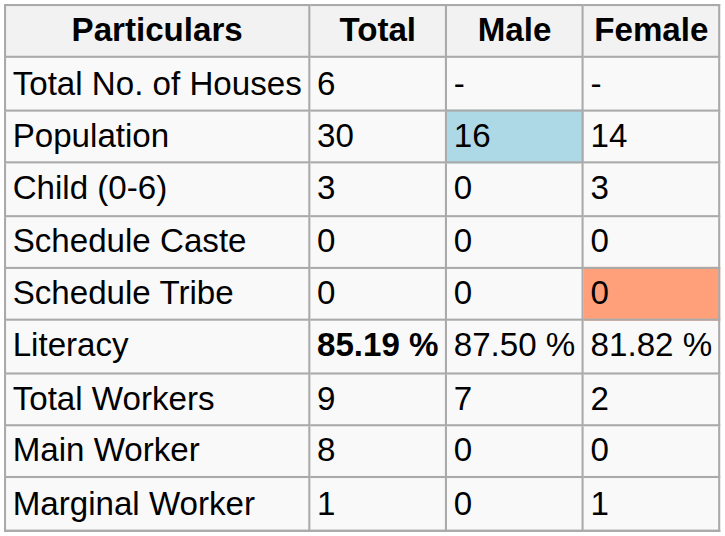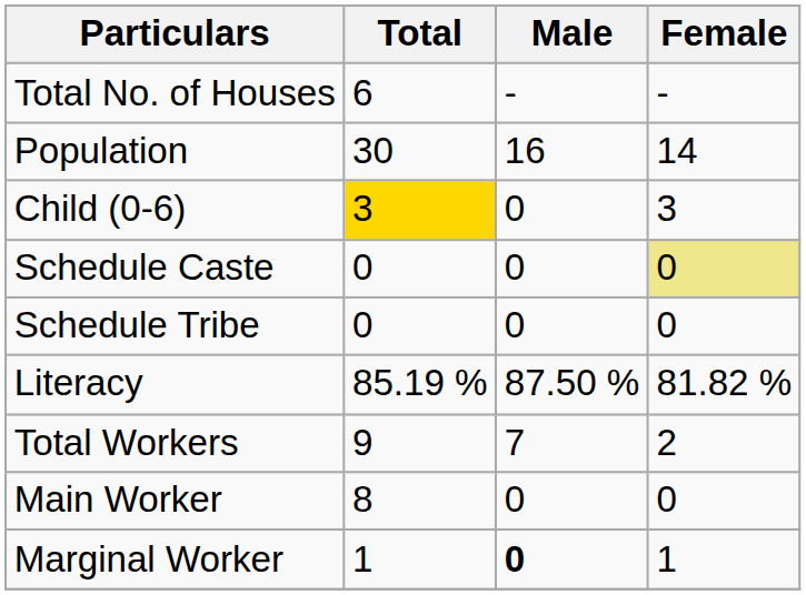 <table class="wikitable sortable">
 <tr>
 <th>Particulars</th>
 <th>Total</th>
 <th>Male</th>
 <th>Female</th>
 </tr>
 <tr>
 <td>Total No. of Houses</td>
 <td>6</td>
 <td>-</td>
 <td>-</td>
 </tr>
 <tr>
 <td>Population</td>
 <td>30</td>
-<td style="background: lightblue;">16</td>
+<td>16</td>
 <td>14</td>
 </tr>
 <tr>
 <td>Child (0-6)</td>
-<td>3</td>
+<td style="background: gold;">3</td>
 <td>0</td>
 <td>3</td>
 </tr>
 <tr>
 <td>Schedule Caste</td>
 <td>0</td>
 <td>0</td>
-<td>0</td>
+<td style="background: khaki;">0</td>
 </tr>
 <tr>
 <td>Schedule Tribe</td>
 <td>0</td>
 <td>0</td>
-<td style="background: lightsalmon;">0</td>
+<td>0</td>
 </tr>
 <tr>
 <td>Literacy</td>
-<td><strong>85.19 %</strong></td>
+<td>85.19 %</td>
 <td>87.50 %</td>
 <td>81.82 %</td>
 </tr>
 <tr>
 <td>Total Workers</td>
 <td>9</td>
 <td>7</td>
 <td>2</td>
 </tr>
 <tr>
 <td>Main Worker</td>
 <td>8</td>
 <td>0</td>
 <td>0</td>
 </tr>
 <tr>
 <td>Marginal Worker</td>
 <td>1</td>
-<td>0</td>
+<td><strong>0</strong></td>
 <td>1</td>
 </tr>
 <tr>
 </tr>
 </table>
